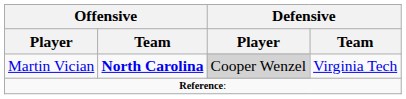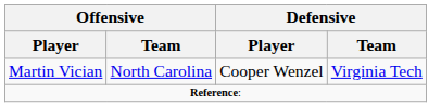 <table class="wikitable" style="text-align: center;">
 <tr>
 <th colspan="2">Offensive</th>
 <th colspan="2">Defensive</th>
 </tr>
 <tr>
 <th>Player</th>
 <th>Team</th>
 <th>Player</th>
 <th>Team</th>
 </tr>
 <tr>
 <td><a href='#'>Martin Vician</a></td>
-<td><strong><a href='#'>North Carolina</a></strong></td>
-<td style="background: lightgrey;">Cooper Wenzel</td>
+<td><a href='#'>North Carolina</a></td>
+<td>Cooper Wenzel</td>
 <td><a href='#'>Virginia Tech</a></td>
 </tr>
 <tr>
 <td colspan="4"  style="font-size:8pt; text-align:center;"><strong>Reference</strong>:</td>
 </tr>
 </table>
